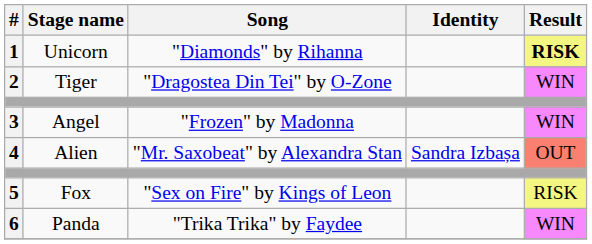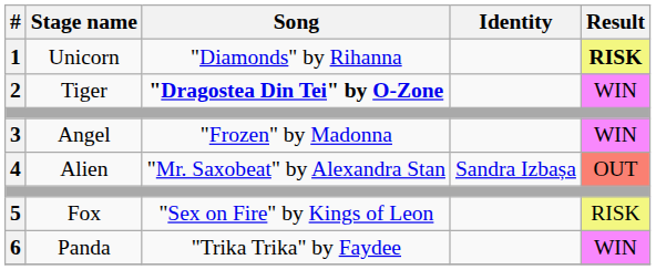 <table class="wikitable plainrowheaders" style="text-align: center;">
 <tr>
 <th>#</th>
 <th>Stage name</th>
 <th>Song</th>
 <th>Identity</th>
 <th>Result</th>
 </tr>
 <tr>
 <th>1</th>
 <td>Unicorn</td>
 <td>"<a href='#'>Diamonds</a>" by <a href='#'>Rihanna</a></td>
 <td></td>
 <td bgcolor=#F3F781><strong>RISK</strong></td>
 </tr>
 <tr>
 <th>2</th>
 <td>Tiger</td>
-<td>"<a href='#'>Dragostea Din Tei</a>" by <a href='#'>O-Zone</a></td>
+<td><strong>"<a href='#'>Dragostea Din Tei</a>" by <a href='#'>O-Zone</a></strong></td>
 <td></td>
 <td bgcolor=#F888FD>WIN</td>
 </tr>
 <tr>
 <td colspan="5" style="background:darkgray"></td>
 </tr>
 <tr>
 <th>3</th>
 <td>Angel</td>
 <td>"<a href='#'>Frozen</a>" by <a href='#'>Madonna</a></td>
 <td></td>
 <td bgcolor=#F888FD>WIN</td>
 </tr>
 <tr>
 <th>4</th>
 <td>Alien</td>
 <td>"<a href='#'>Mr. Saxobeat</a>" by <a href='#'>Alexandra Stan</a></td>
 <td><a href='#'>Sandra Izbașa</a></td>
 <td bgcolor=salmon>OUT</td>
 </tr>
 <tr>
 <td colspan="5" style="background:darkgray"></td>
 </tr>
 <tr>
 <th>5</th>
 <td>Fox</td>
 <td>"<a href='#'>Sex on Fire</a>" by <a href='#'>Kings of Leon</a></td>
 <td></td>
 <td bgcolor=#F3F781>RISK</td>
 </tr>
 <tr>
 <th>6</th>
 <td>Panda</td>
 <td>"Trika Trika" by <a href='#'>Faydee</a></td>
 <td></td>
 <td bgcolor=#F888FD>WIN</td>
 </tr>
 <tr>
 </tr>
 </table>
